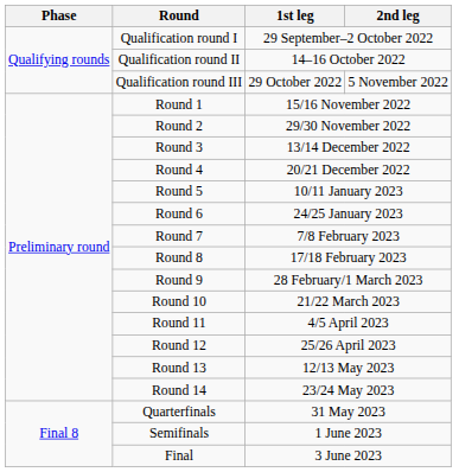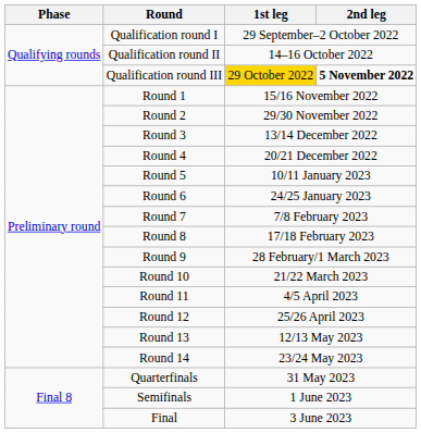 <table class="wikitable" style="text-align:center">
 <tr>
 <th>Phase</th>
 <th>Round</th>
 <th>1st leg</th>
 <th>2nd leg</th>
 </tr>
 <tr>
 <td rowspan=3><a href='#'>Qualifying rounds</a></td>
 <td>Qualification round I</td>
 <td colspan=2>29 September–2 October 2022</td>
 </tr>
 <tr>
 <td>Qualification round II</td>
 <td colspan=2>14–16 October 2022</td>
 </tr>
 <tr>
 <td>Qualification round III</td>
-<td>29 October 2022</td>
-<td>5 November 2022</td>
+<td style="background: gold;">29 October 2022</td>
+<td><strong>5 November 2022</strong></td>
 </tr>
 <tr>
 <td rowspan=14><a href='#'>Preliminary round</a></td>
 <td>Round 1</td>
 <td colspan=2>15/16 November 2022</td>
 </tr>
 <tr>
 <td>Round 2</td>
 <td colspan=2>29/30 November 2022</td>
 </tr>
 <tr>
 <td>Round 3</td>
 <td colspan=2>13/14 December 2022</td>
 </tr>
 <tr>
 <td>Round 4</td>
 <td colspan=2>20/21 December 2022</td>
 </tr>
 <tr>
 <td>Round 5</td>
 <td colspan=2>10/11 January 2023</td>
 </tr>
 <tr>
 <td>Round 6</td>
 <td colspan=2>24/25 January 2023</td>
 </tr>
 <tr>
 <td>Round 7</td>
 <td colspan=2>7/8 February 2023</td>
 </tr>
 <tr>
 <td>Round 8</td>
 <td colspan=2>17/18 February 2023</td>
 </tr>
 <tr>
 <td>Round 9</td>
 <td colspan=2>28 February/1 March 2023</td>
 </tr>
 <tr>
 <td>Round 10</td>
 <td colspan=2>21/22 March 2023</td>
 </tr>
 <tr>
 <td>Round 11</td>
 <td colspan=2>4/5 April 2023</td>
 </tr>
 <tr>
 <td>Round 12</td>
 <td colspan=2>25/26 April 2023</td>
 </tr>
 <tr>
 <td>Round 13</td>
 <td colspan=2>12/13 May 2023</td>
 </tr>
 <tr>
 <td>Round 14</td>
 <td colspan=2>23/24 May 2023</td>
 </tr>
 <tr>
 <td rowspan=3><a href='#'>Final 8</a></td>
 <td>Quarterfinals</td>
 <td colspan=2>31 May 2023</td>
 </tr>
 <tr>
 <td>Semifinals</td>
 <td colspan=2>1 June 2023</td>
 </tr>
 <tr>
 <td>Final</td>
 <td colspan=2>3 June 2023</td>
 </tr>
 </table>
